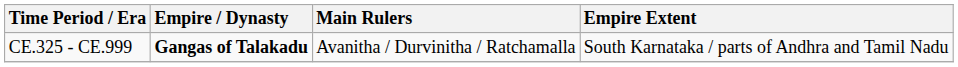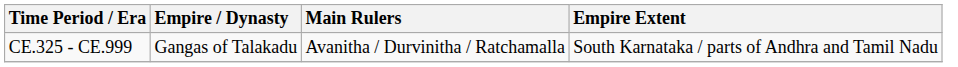 <table class="wikitable">
 <tr>
 <th style="text-align: left;">Time Period / Era</th>
 <th style="text-align: left;">Empire / Dynasty</th>
 <th style="text-align: left;">Main Rulers</th>
 <th style="text-align: left;">Empire Extent</th>
 </tr>
 <tr>
 <td>CE.325 - CE.999</td>
-<td><strong>Gangas of Talakadu</strong></td>
+<td>Gangas of Talakadu</td>
 <td>Avanitha / Durvinitha / Ratchamalla</td>
 <td>South Karnataka / parts of Andhra and Tamil Nadu</td>
 </tr>
 <tr>
 </tr>
 </table>
